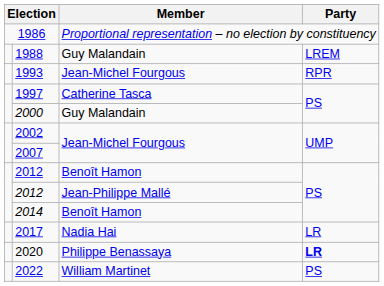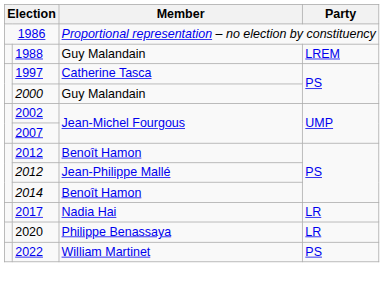 <table class="wikitable">
 <tr>
 <th colspan=2>Election</th>
 <th>Member</th>
 <th>Party</th>
 </tr>
 <tr>
 <td colspan=2 align="center"><a href='#'>1986</a></td>
 <td colspan=2><em><a href='#'>Proportional representation</a> – no election by constituency</em></td>
 </tr>
 <tr>
 <td style="color:inherit;background-color: "></td>
 <td><a href='#'>1988</a></td>
 <td>Guy Malandain</td>
 <td><a href='#'>LREM</a></td>
-</tr>
-<tr>
-<td style="color:inherit;background-color: "></td>
-<td><a href='#'>1993</a></td>
-<td><a href='#'>Jean-Michel Fourgous</a></td>
-<td><a href='#'>RPR</a></td>
 </tr>
 <tr>
 <td rowspan="2" style="color:inherit;background-color: "></td>
 <td><a href='#'>1997</a></td>
 <td><a href='#'>Catherine Tasca</a></td>
 <td rowspan="2"><a href='#'>PS</a></td>
 </tr>
 <tr>
 <td><em>2000</em></td>
 <td>Guy Malandain</td>
 </tr>
 <tr>
 <td rowspan="2" style="color:inherit;background-color: "></td>
 <td><a href='#'>2002</a></td>
 <td rowspan="2"><a href='#'>Jean-Michel Fourgous</a></td>
 <td rowspan="2"><a href='#'>UMP</a></td>
 </tr>
 <tr>
 <td><a href='#'>2007</a></td>
 </tr>
 <tr>
 <td rowspan="3" style="color:inherit;background-color: "></td>
 <td><a href='#'>2012</a></td>
 <td><a href='#'>Benoît Hamon</a></td>
 <td rowspan="3"><a href='#'>PS</a></td>
 </tr>
 <tr>
 <td><em>2012</em></td>
 <td><a href='#'>Jean-Philippe Mallé</a></td>
 </tr>
 <tr>
 <td><em>2014</em></td>
 <td><a href='#'>Benoît Hamon</a></td>
 </tr>
 <tr>
 <td style="color:inherit;background-color: "></td>
 <td><a href='#'>2017</a></td>
 <td><a href='#'>Nadia Hai</a></td>
 <td><a href='#'>LR</a></td>
 </tr>
 <tr>
 <td style="color:inherit;background-color: "></td>
 <td>2020</td>
 <td><a href='#'>Philippe Benassaya</a></td>
-<td><strong><a href='#'>LR</a></strong></td>
+<td><a href='#'>LR</a></td>
 </tr>
 <tr>
 <td style="color:inherit;background-color: "></td>
 <td><a href='#'>2022</a></td>
 <td><a href='#'>William Martinet</a></td>
 <td><a href='#'>PS</a></td>
 </tr>
 </table>
